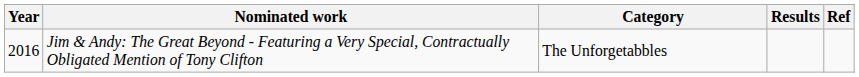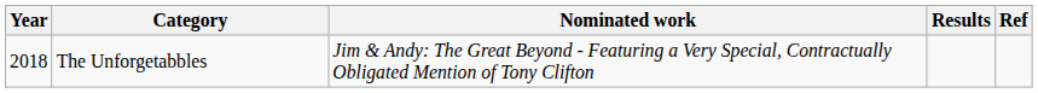 <table class="wikitable">
 <tr>
 <th scope="col" style="width:1em;">Year</th>
+<th scope="col" style="width:20em;">Category</th>
 <th scope="col" style="width:50em;">Nominated work</th>
-<th scope="col" style="width:20em;">Category</th>
 <th scope="col" style="width:1em;">Results</th>
 <th scope="col" style="width:1em;">Ref</th>
 </tr>
 <tr>
-<td>2016</td>
+<td>2018</td>
+<td>The Unforgetabbles</td>
 <td><em>Jim & Andy: The Great Beyond - Featuring a Very Special, Contractually Obligated Mention of Tony Clifton</em></td>
-<td>The Unforgetabbles</td>
 <td></td>
 <td></td>
 </tr>
 </table>
